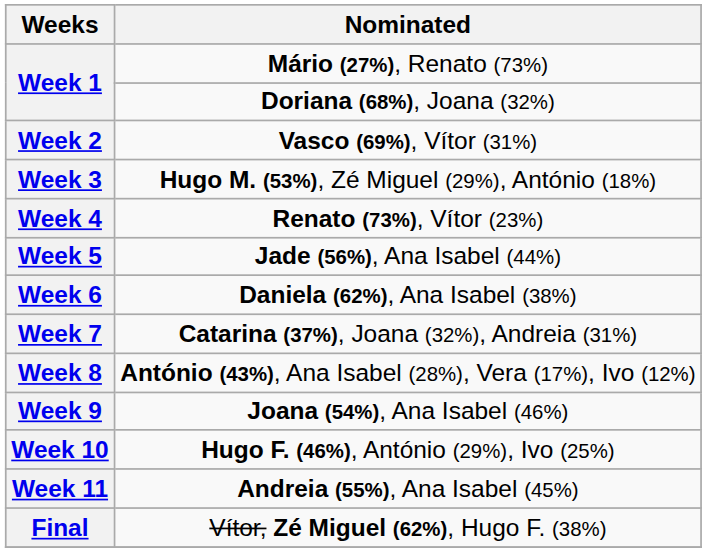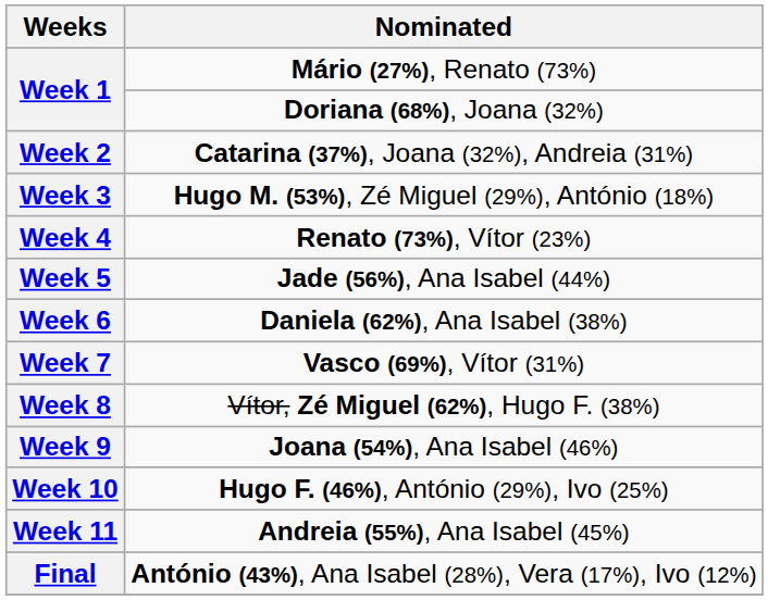 <table class="wikitable" style="font-size:90%; text-align:center; margin-left: auto; margin-right: auto">
 <tr>
 <th>Weeks</th>
 <th>Nominated</th>
 </tr>
 <tr>
 <th rowspan="2"><a href='#'>Week 1</a></th>
 <td><strong>Mário <small>(27%)</small></strong>, Renato <small>(73%)</small></td>
 </tr>
 <tr>
 <td><strong>Doriana <small>(68%)</small></strong>, Joana <small>(32%)</small></td>
 </tr>
 <tr>
 <th><a href='#'>Week 2</a></th>
-<td><strong>Vasco <small>(69%)</small></strong>, Vítor <small>(31%)</small></td>
+<td><strong>Catarina <small>(37%)</small></strong>, Joana <small>(32%)</small>, Andreia <small>(31%)</small></td>
 </tr>
 <tr>
 <th><a href='#'>Week 3</a></th>
 <td><strong>Hugo M. <small>(53%)</small></strong>, Zé Miguel <small>(29%)</small>, António <small>(18%)</small></td>
 </tr>
 <tr>
 <th><a href='#'>Week 4</a></th>
 <td><strong>Renato <small>(73%)</small></strong>, Vítor <small>(23%)</small></td>
 </tr>
 <tr>
 <th><a href='#'>Week 5</a></th>
 <td><strong>Jade <small>(56%)</small></strong>, Ana Isabel <small>(44%)</small></td>
 </tr>
 <tr>
 <th><a href='#'>Week 6</a></th>
 <td><strong>Daniela <small>(62%)</small></strong>, Ana Isabel <small>(38%)</small></td>
 </tr>
 <tr>
 <th><a href='#'>Week 7</a></th>
-<td><strong>Catarina <small>(37%)</small></strong>, Joana <small>(32%)</small>, Andreia <small>(31%)</small></td>
+<td><strong>Vasco <small>(69%)</small></strong>, Vítor <small>(31%)</small></td>
 </tr>
 <tr>
 <th><a href='#'>Week 8</a></th>
-<td><strong>António <small>(43%)</small></strong>, Ana Isabel <small>(28%)</small>, Vera <small>(17%)</small>, Ivo <small>(12%)</small></td>
+<td><s>Vítor,</s> <strong>Zé Miguel <small>(62%)</small></strong>, Hugo F. <small>(38%)</small></td>
 </tr>
 <tr>
 <th><a href='#'>Week 9</a></th>
 <td><strong>Joana <small>(54%)</small></strong>, Ana Isabel <small>(46%)</small></td>
 </tr>
 <tr>
 <th><a href='#'>Week 10</a></th>
 <td><strong>Hugo F. <small>(46%)</small></strong>, António <small>(29%)</small>, Ivo <small>(25%)</small></td>
 </tr>
 <tr>
 <th><a href='#'>Week 11</a></th>
 <td><strong>Andreia <small>(55%)</small></strong>, Ana Isabel <small>(45%)</small></td>
 </tr>
 <tr>
 <th><a href='#'>Final</a></th>
-<td><s>Vítor,</s> <strong>Zé Miguel <small>(62%)</small></strong>, Hugo F. <small>(38%)</small></td>
+<td><strong>António <small>(43%)</small></strong>, Ana Isabel <small>(28%)</small>, Vera <small>(17%)</small>, Ivo <small>(12%)</small></td>
 </tr>
 <tr>
 </tr>
 </table>
